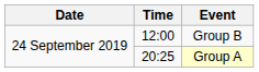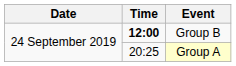 <table class = "wikitable" style="text-align:center;">
 <tr>
 <th width=150>Date</th>
 <th width=50>Time</th>
 <th width=80>Event</th>
 </tr>
 <tr>
 <td rowspan=2>24 September 2019</td>
-<td>12:00</td>
+<td><strong>12:00</strong></td>
 <td>Group B</td>
 </tr>
 <tr>
 <td>20:25</td>
 <td bgcolor="ffffcc">Group A</td>
 </tr>
 </table>
